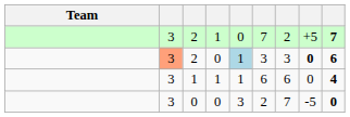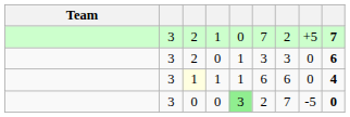 <table class="wikitable" style="text-align: center;">
 <tr>
 <th width="175">Team</th>
 <th width="20"></th>
 <th width="20"></th>
 <th width="20"></th>
 <th width="20"></th>
 <th width="20"></th>
 <th width="20"></th>
 <th width="20"></th>
 <th width="20"></th>
 </tr>
 <tr bgcolor=#CCFFCC>
 <td align=left></td>
 <td>3</td>
 <td>2</td>
 <td>1</td>
 <td>0</td>
 <td>7</td>
 <td>2</td>
 <td>+5</td>
 <td><strong>7</strong></td>
 </tr>
 <tr>
 <td align=left></td>
-<td style="background: lightsalmon;">3</td>
+<td>3</td>
 <td>2</td>
 <td>0</td>
-<td style="background: lightblue;">1</td>
+<td>1</td>
 <td>3</td>
 <td>3</td>
-<td><strong>0</strong></td>
+<td>0</td>
 <td><strong>6</strong></td>
 </tr>
 <tr>
 <td align=left></td>
 <td>3</td>
-<td>1</td>
+<td style="background: lightyellow;">1</td>
 <td>1</td>
 <td>1</td>
 <td>6</td>
 <td>6</td>
 <td>0</td>
 <td><strong>4</strong></td>
 </tr>
 <tr>
 <td align=left></td>
 <td>3</td>
 <td>0</td>
 <td>0</td>
-<td>3</td>
+<td style="background: lightgreen;">3</td>
 <td>2</td>
 <td>7</td>
 <td>-5</td>
 <td><strong>0</strong></td>
 </tr>
 </table>
